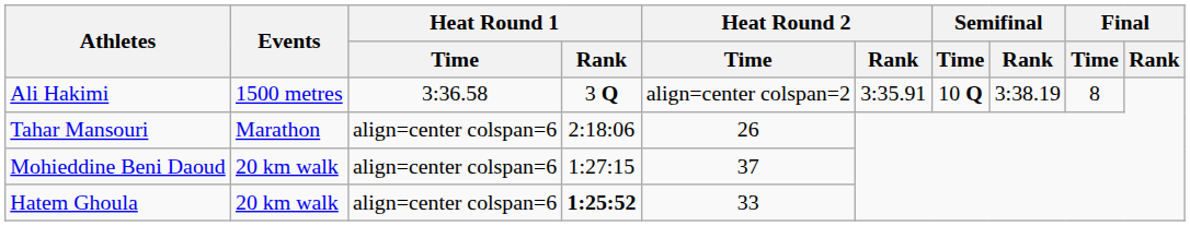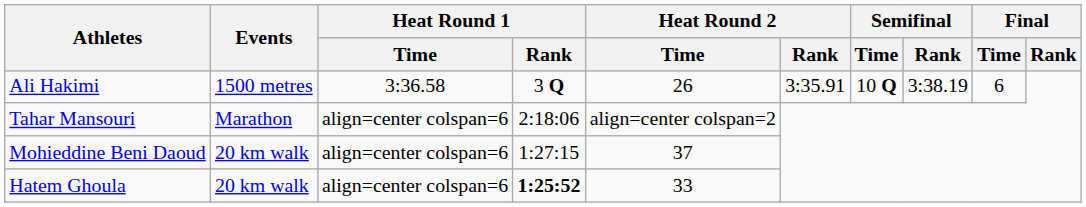 <table class=wikitable style=font-size:90%>
 <tr>
 <th rowspan=2>Athletes</th>
 <th rowspan=2>Events</th>
 <th colspan=2>Heat Round 1</th>
 <th colspan=2>Heat Round 2</th>
 <th colspan=2>Semifinal</th>
 <th colspan=2>Final</th>
 </tr>
 <tr>
 <th>Time</th>
 <th>Rank</th>
 <th>Time</th>
 <th>Rank</th>
 <th>Time</th>
 <th>Rank</th>
 <th>Time</th>
 <th>Rank</th>
 </tr>
 <tr>
 <td><a href='#'>Ali Hakimi</a></td>
 <td><a href='#'>1500 metres</a></td>
 <td align=center>3:36.58</td>
 <td align=center>3 <strong>Q</strong></td>
-<td>align=center colspan=2 </td>
+<td align=center>26</td>
 <td align=center>3:35.91</td>
 <td align=center>10 <strong>Q</strong></td>
 <td align=center>3:38.19</td>
-<td align=center>8</td>
+<td align=center>6</td>
 </tr>
 <tr>
 <td><a href='#'>Tahar Mansouri</a></td>
 <td><a href='#'>Marathon</a></td>
 <td>align=center colspan=6 </td>
 <td align=center>2:18:06</td>
-<td align=center>26</td>
+<td>align=center colspan=2 </td>
 </tr>
 <tr>
 <td><a href='#'>Mohieddine Beni Daoud</a></td>
 <td><a href='#'>20 km walk</a></td>
 <td>align=center colspan=6 </td>
 <td align=center>1:27:15</td>
 <td align=center>37</td>
 </tr>
 <tr>
 <td><a href='#'>Hatem Ghoula</a></td>
 <td><a href='#'>20 km walk</a></td>
 <td>align=center colspan=6 </td>
 <td align=center><strong>1:25:52</strong></td>
 <td align=center>33</td>
 </tr>
 </table>
